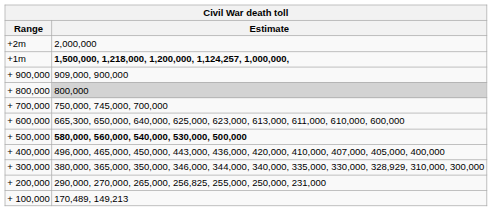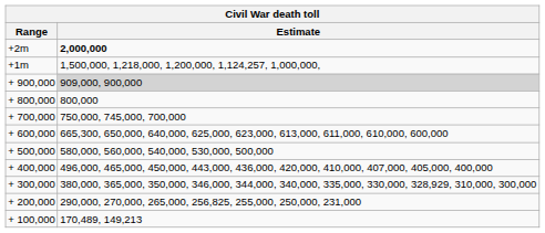 <table class=wikitable style="text-align:left; font-size:13px; float:left; margin:5px">
 <tr style="font-size: small;">
 <th colspan="12">Civil War death toll</th>
 </tr>
 <tr>
 <th>Range</th>
 <th>Estimate</th>
 </tr>
 <tr>
 <td>+2m</td>
-<td>2,000,000</td>
+<td><strong>2,000,000</strong></td>
 </tr>
 <tr>
 <td>+1m</td>
-<td><strong>1,500,000, 1,218,000, 1,200,000, 1,124,257, 1,000,000,</strong></td>
+<td>1,500,000, 1,218,000, 1,200,000, 1,124,257, 1,000,000,</td>
 </tr>
 <tr>
 <td>+ 900,000</td>
-<td>909,000, 900,000</td>
+<td style="background: lightgrey;">909,000, 900,000</td>
 </tr>
 <tr>
 <td>+ 800,000</td>
-<td style="background: lightgrey;">800,000</td>
+<td>800,000</td>
 </tr>
 <tr>
 <td>+ 700,000</td>
 <td>750,000, 745,000, 700,000</td>
 </tr>
 <tr>
 <td>+ 600,000</td>
 <td>665,300, 650,000, 640,000, 625,000, 623,000, 613,000, 611,000, 610,000, 600,000</td>
 </tr>
 <tr>
 <td>+ 500,000</td>
-<td><strong>580,000, 560,000, 540,000, 530,000, 500,000</strong></td>
+<td>580,000, 560,000, 540,000, 530,000, 500,000</td>
 </tr>
 <tr>
 <td>+ 400,000</td>
 <td>496,000, 465,000, 450,000, 443,000, 436,000, 420,000, 410,000, 407,000, 405,000, 400,000</td>
 </tr>
 <tr>
 <td>+ 300,000</td>
 <td>380,000, 365,000, 350,000, 346,000, 344,000, 340,000, 335,000, 330,000, 328,929, 310,000, 300,000</td>
 </tr>
 <tr>
 <td>+ 200,000</td>
 <td>290,000, 270,000, 265,000, 256,825, 255,000, 250,000, 231,000</td>
 </tr>
 <tr>
 <td>+ 100,000</td>
 <td>170,489, 149,213</td>
 </tr>
 </table>
